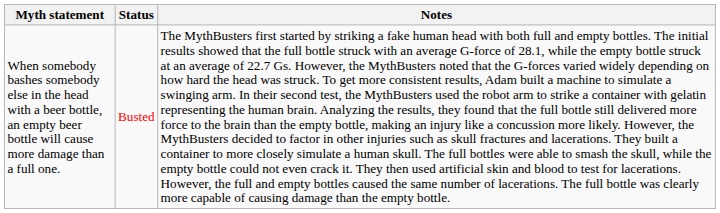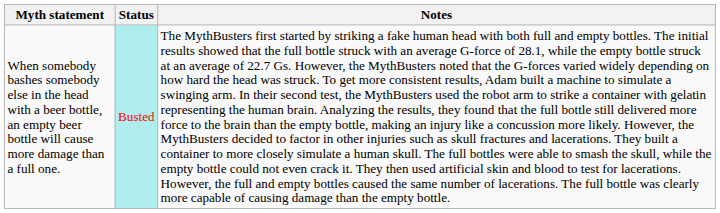 <table class="wikitable plainrowheaders">
 <tr>
 <th>Myth statement</th>
 <th>Status</th>
 <th>Notes</th>
 </tr>
 <tr>
 <td>When somebody bashes somebody else in the head with a beer bottle, an empty beer bottle will cause more damage than a full one.</td>
-<td style="color:red">Busted</td>
+<td style="background: paleturquoise; color:red">Busted</td>
 <td>The MythBusters first started by striking a fake human head with both full and empty bottles. The initial results showed that the full bottle struck with an average G-force of 28.1, while the empty bottle struck at an average of 22.7 Gs. However, the MythBusters noted that the G-forces varied widely depending on how hard the head was struck. To get more consistent results, Adam built a machine to simulate a swinging arm. In their second test, the MythBusters used the robot arm to strike a container with gelatin representing the human brain. Analyzing the results, they found that the full bottle still delivered more force to the brain than the empty bottle, making an injury like a concussion more likely. However, the MythBusters decided to factor in other injuries such as skull fractures and lacerations. They built a container to more closely simulate a human skull. The full bottles were able to smash the skull, while the empty bottle could not even crack it. They then used artificial skin and blood to test for lacerations. However, the full and empty bottles caused the same number of lacerations. The full bottle was clearly more capable of causing damage than the empty bottle.</td>
 </tr>
 </table>
